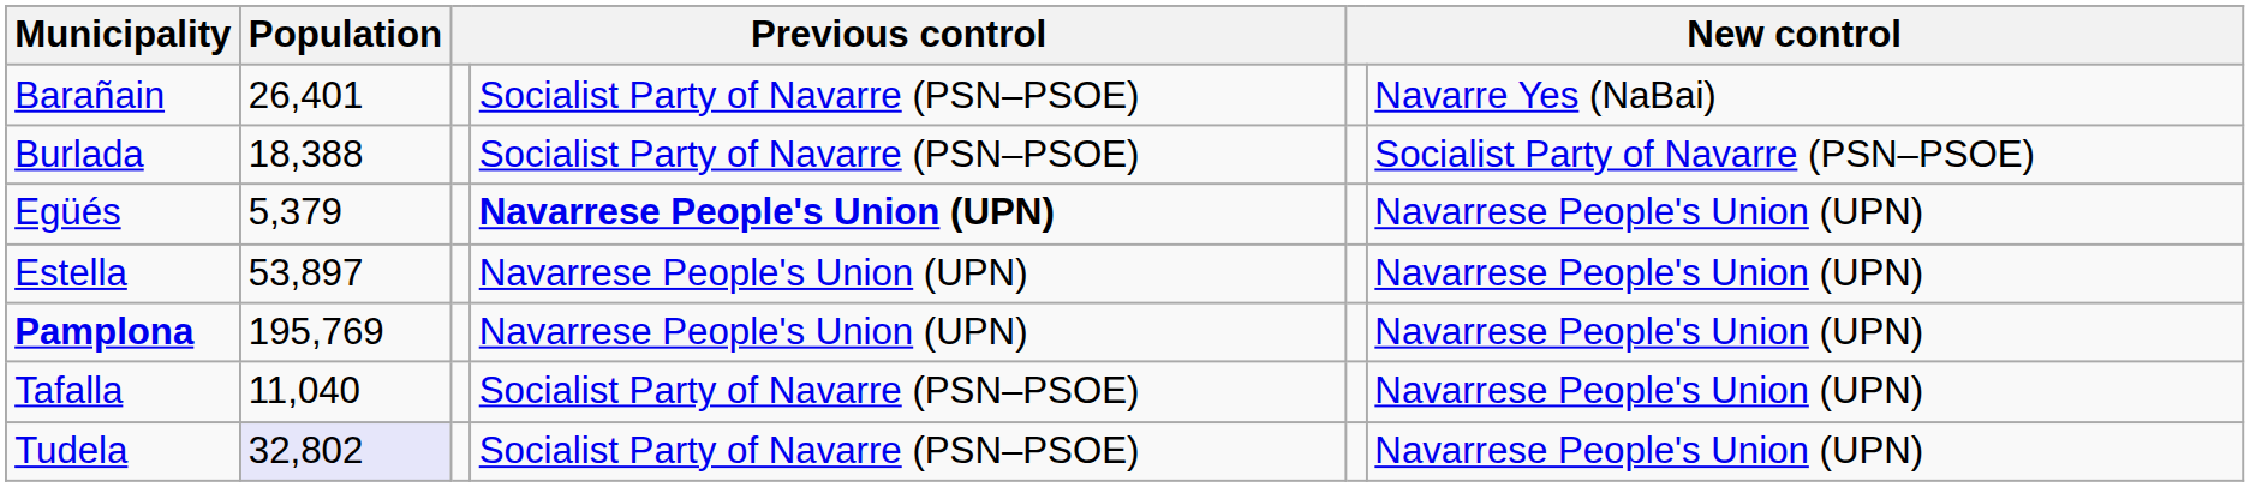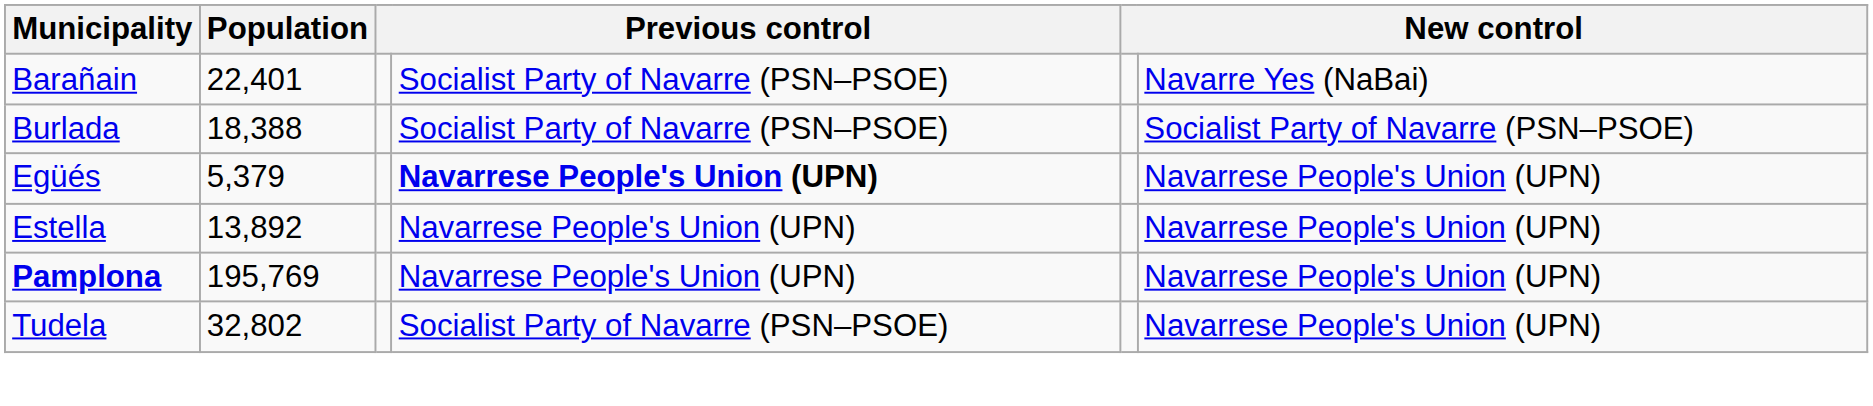 <table class="wikitable sortable">
 <tr>
 <th>Municipality</th>
 <th>Population</th>
 <th colspan="2" style="width:375px;">Previous control</th>
 <th colspan="2" style="width:375px;">New control</th>
 </tr>
 <tr>
 <td><a href='#'>Barañain</a></td>
-<td>26,401</td>
+<td>22,401</td>
 <td width="1" style="color:inherit;background:"></td>
 <td><a href='#'>Socialist Party of Navarre</a> (PSN–PSOE)</td>
 <td width="1" style="color:inherit;background:"></td>
 <td><a href='#'>Navarre Yes</a> (NaBai) </td>
 </tr>
 <tr>
 <td><a href='#'>Burlada</a></td>
 <td>18,388</td>
 <td style="color:inherit;background:"></td>
 <td><a href='#'>Socialist Party of Navarre</a> (PSN–PSOE)</td>
 <td style="color:inherit;background:"></td>
 <td><a href='#'>Socialist Party of Navarre</a> (PSN–PSOE)</td>
 </tr>
 <tr>
 <td><a href='#'>Egüés</a></td>
 <td>5,379</td>
 <td style="color:inherit;background:"></td>
 <td><strong><a href='#'>Navarrese People's Union</a> (UPN)</strong></td>
 <td style="color:inherit;background:"></td>
 <td><a href='#'>Navarrese People's Union</a> (UPN)</td>
 </tr>
 <tr>
 <td><a href='#'>Estella</a></td>
-<td>53,897</td>
+<td>13,892</td>
 <td style="color:inherit;background:"></td>
 <td><a href='#'>Navarrese People's Union</a> (UPN)</td>
 <td style="color:inherit;background:"></td>
 <td><a href='#'>Navarrese People's Union</a> (UPN)</td>
 </tr>
 <tr>
 <td><strong><a href='#'>Pamplona</a></strong></td>
 <td>195,769</td>
 <td style="color:inherit;background:"></td>
 <td><a href='#'>Navarrese People's Union</a> (UPN)</td>
 <td style="color:inherit;background:"></td>
 <td><a href='#'>Navarrese People's Union</a> (UPN)</td>
 </tr>
 <tr>
-<td><a href='#'>Tafalla</a></td>
-<td>11,040</td>
-<td style="color:inherit;background:"></td>
-<td><a href='#'>Socialist Party of Navarre</a> (PSN–PSOE)</td>
-<td style="color:inherit;background:"></td>
-<td><a href='#'>Navarrese People's Union</a> (UPN)</td>
-</tr>
-<tr>
 <td><a href='#'>Tudela</a></td>
-<td style="background: lavender;">32,802</td>
+<td>32,802</td>
 <td style="color:inherit;background:"></td>
 <td><a href='#'>Socialist Party of Navarre</a> (PSN–PSOE)</td>
 <td style="color:inherit;background:"></td>
 <td><a href='#'>Navarrese People's Union</a> (UPN)</td>
 </tr>
 </table>
